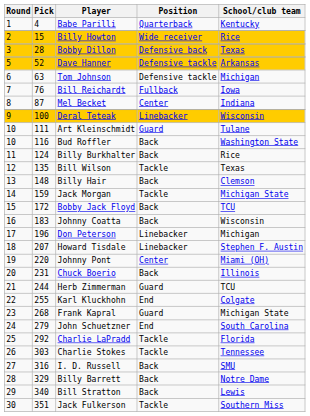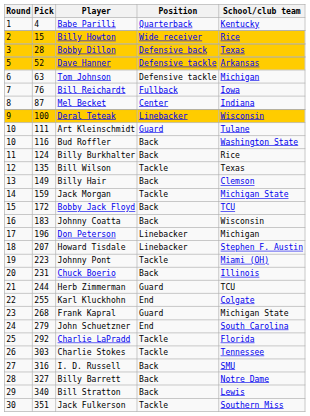 <table class="wikitable sortable sortable">
 <tr>
 <th>Round</th>
 <th>Pick</th>
 <th>Player</th>
 <th>Position</th>
 <th>School/club team</th>
 </tr>
 <tr>
 <td>1</td>
 <td>4</td>
 <td><a href='#'>Babe Parilli</a></td>
 <td><a href='#'>Quarterback</a></td>
 <td><a href='#'>Kentucky</a></td>
 </tr>
 <tr>
 </tr>
 <tr bgcolor="#FFCC00">
 <td>2</td>
 <td>15</td>
 <td><a href='#'>Billy Howton</a></td>
 <td><a href='#'>Wide receiver</a></td>
 <td><a href='#'>Rice</a></td>
 </tr>
 <tr>
 </tr>
 <tr bgcolor="#FFCC00">
 <td>3</td>
 <td>28</td>
 <td><a href='#'>Bobby Dillon</a></td>
 <td><a href='#'>Defensive back</a></td>
 <td><a href='#'>Texas</a></td>
 </tr>
 <tr>
 </tr>
 <tr bgcolor="#FFCC00">
 <td>5</td>
 <td>52</td>
 <td><a href='#'>Dave Hanner</a></td>
 <td><a href='#'>Defensive tackle</a></td>
 <td><a href='#'>Arkansas</a></td>
 </tr>
 <tr>
 <td>6</td>
 <td>63</td>
 <td><a href='#'>Tom Johnson</a></td>
 <td>Defensive tackle</td>
 <td><a href='#'>Michigan</a></td>
 </tr>
 <tr>
 <td>7</td>
 <td>76</td>
 <td><a href='#'>Bill Reichardt</a></td>
 <td><a href='#'>Fullback</a></td>
 <td><a href='#'>Iowa</a></td>
 </tr>
 <tr>
 <td>8</td>
 <td>87</td>
 <td><a href='#'>Mel Becket</a></td>
 <td><a href='#'>Center</a></td>
 <td><a href='#'>Indiana</a></td>
 </tr>
 <tr>
 </tr>
 <tr bgcolor="#FFCC00">
 <td>9</td>
 <td>100</td>
 <td><a href='#'>Deral Teteak</a></td>
 <td><a href='#'>Linebacker</a></td>
 <td><a href='#'>Wisconsin</a></td>
 </tr>
 <tr>
 <td>10</td>
 <td>111</td>
 <td>Art Kleinschmidt</td>
 <td><a href='#'>Guard</a></td>
 <td><a href='#'>Tulane</a></td>
 </tr>
 <tr>
 <td>10</td>
 <td>116</td>
 <td>Bud Roffler</td>
 <td>Back</td>
 <td><a href='#'>Washington State</a></td>
 </tr>
 <tr>
 <td>11</td>
 <td>124</td>
 <td>Billy Burkhalter</td>
 <td>Back</td>
 <td>Rice</td>
 </tr>
 <tr>
 <td>12</td>
 <td>135</td>
 <td>Bill Wilson</td>
 <td>Tackle</td>
 <td>Texas</td>
 </tr>
 <tr>
 <td>13</td>
-<td>148</td>
+<td>149</td>
 <td>Billy Hair</td>
 <td>Back</td>
 <td><a href='#'>Clemson</a></td>
 </tr>
 <tr>
 <td>14</td>
 <td>159</td>
 <td>Jack Morgan</td>
 <td>Tackle</td>
 <td><a href='#'>Michigan State</a></td>
 </tr>
 <tr>
 <td>15</td>
 <td>172</td>
 <td><a href='#'>Bobby Jack Floyd</a></td>
 <td>Back</td>
 <td><a href='#'>TCU</a></td>
 </tr>
 <tr>
 <td>16</td>
 <td>183</td>
 <td>Johnny Coatta</td>
 <td>Back</td>
 <td>Wisconsin</td>
 </tr>
 <tr>
 <td>17</td>
 <td>196</td>
 <td><a href='#'>Don Peterson</a></td>
 <td>Linebacker</td>
 <td>Michigan</td>
 </tr>
 <tr>
 <td>18</td>
 <td>207</td>
 <td>Howard Tisdale</td>
 <td>Linebacker</td>
 <td><a href='#'>Stephen F. Austin</a></td>
 </tr>
 <tr>
 <td>19</td>
-<td>220</td>
+<td>223</td>
 <td>Johnny Pont</td>
-<td><a href='#'>Center</a></td>
+<td>Tackle</td>
 <td><a href='#'>Miami (OH)</a></td>
 </tr>
 <tr>
 <td>20</td>
 <td>231</td>
 <td><a href='#'>Chuck Boerio</a></td>
 <td>Back</td>
 <td><a href='#'>Illinois</a></td>
 </tr>
 <tr>
 <td>21</td>
 <td>244</td>
 <td>Herb Zimmerman</td>
 <td>Guard</td>
 <td>TCU</td>
 </tr>
 <tr>
 <td>22</td>
 <td>255</td>
 <td>Karl Kluckhohn</td>
 <td>End</td>
 <td><a href='#'>Colgate</a></td>
 </tr>
 <tr>
 <td>23</td>
 <td>268</td>
 <td>Frank Kapral</td>
 <td>Guard</td>
 <td>Michigan State</td>
 </tr>
 <tr>
 <td>24</td>
 <td>279</td>
 <td>John Schuetzner</td>
 <td>End</td>
 <td><a href='#'>South Carolina</a></td>
 </tr>
 <tr>
 <td>25</td>
 <td>292</td>
 <td><a href='#'>Charlie LaPradd</a></td>
 <td>Tackle</td>
 <td><a href='#'>Florida</a></td>
 </tr>
 <tr>
 <td>26</td>
 <td>303</td>
 <td>Charlie Stokes</td>
 <td>Tackle</td>
 <td><a href='#'>Tennessee</a></td>
 </tr>
 <tr>
 <td>27</td>
 <td>316</td>
 <td>I. D. Russell</td>
 <td>Back</td>
 <td><a href='#'>SMU</a></td>
 </tr>
 <tr>
 <td>28</td>
-<td>329</td>
+<td>327</td>
 <td>Billy Barrett</td>
 <td>Back</td>
 <td><a href='#'>Notre Dame</a></td>
 </tr>
 <tr>
 <td>29</td>
 <td>340</td>
 <td>Bill Stratton</td>
 <td>Back</td>
 <td><a href='#'>Lewis</a></td>
 </tr>
 <tr>
 <td>30</td>
 <td>351</td>
 <td>Jack Fulkerson</td>
 <td>Tackle</td>
 <td><a href='#'>Southern Miss</a></td>
 </tr>
 </table>
